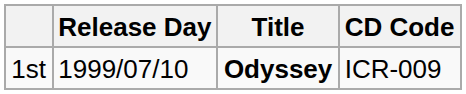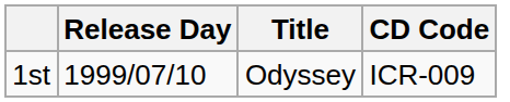 <table class=wikitable style="font-size:small">
 <tr>
 <th></th>
 <th>Release Day</th>
 <th>Title</th>
 <th>CD Code</th>
 </tr>
 <tr>
 <td>1st</td>
 <td>1999/07/10</td>
-<td><strong>Odyssey</strong></td>
+<td>Odyssey</td>
 <td>ICR-009</td>
 </tr>
 <tr>
 </tr>
 </table>
